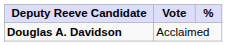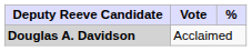 <table class="wikitable">
 <tr>
 <th style="background:#ddf; width:200px;">Deputy Reeve Candidate</th>
 <th style="background:#ddf; width:50px;">Vote</th>
 <th style="background:#ddf; width:30px;">%</th>
 </tr>
 <tr>
-<td><strong>Douglas A. Davidson</strong></td>
+<td style="background: lightgrey;"><strong>Douglas A. Davidson</strong></td>
 <td colspan="2">Acclaimed</td>
 </tr>
 </table>
